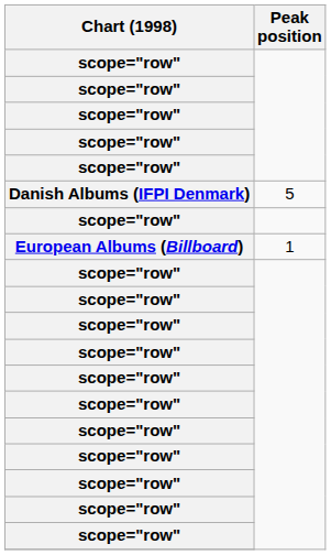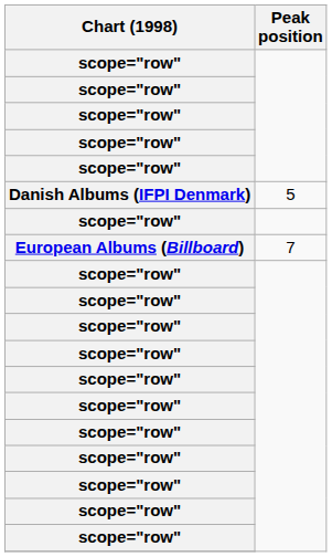 <table class="wikitable sortable plainrowheaders" style="text-align:center;">
 <tr>
 <th scope="col">Chart (1998)</th>
 <th scope="col">Peak<br>position</th>
 </tr>
 <tr>
 <th>scope="row" </th>
 </tr>
 <tr>
 <th>scope="row" </th>
 </tr>
 <tr>
 <th>scope="row" </th>
 </tr>
 <tr>
 <th>scope="row" </th>
 </tr>
 <tr>
 <th>scope="row" </th>
 </tr>
 <tr>
 <th scope="row">Danish Albums (<a href='#'>IFPI Denmark</a>)</th>
 <td>5</td>
 </tr>
 <tr>
 <th>scope="row" </th>
 </tr>
 <tr>
 <th scope="row"><a href='#'>European Albums</a> (<a href='#'><em>Billboard</em></a>)</th>
-<td>1</td>
+<td>7</td>
 </tr>
 <tr>
 <th>scope="row" </th>
 </tr>
 <tr>
 <th>scope="row" </th>
 </tr>
 <tr>
 <th>scope="row" </th>
 </tr>
 <tr>
 <th>scope="row" </th>
 </tr>
 <tr>
 <th>scope="row" </th>
 </tr>
 <tr>
 <th>scope="row" </th>
 </tr>
 <tr>
 <th>scope="row" </th>
 </tr>
 <tr>
 <th>scope="row" </th>
 </tr>
 <tr>
 <th>scope="row" </th>
 </tr>
 <tr>
 <th>scope="row" </th>
 </tr>
 <tr>
 <th>scope="row" </th>
 </tr>
 <tr>
 </tr>
 </table>
